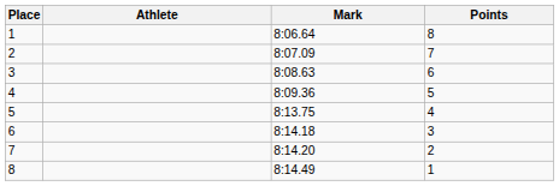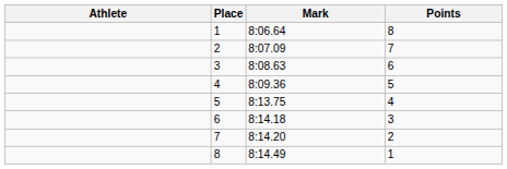 <table class=wikitable>
 <tr>
+<th style="width:18em">Athlete</th>
 <th>Place</th>
-<th style="width:18em">Athlete</th>
 <th style="width:12em">Mark</th>
 <th style="width:10em">Points</th>
 </tr>
 <tr>
+<td></td>
 <td>1</td>
-<td></td>
 <td>8:06.64</td>
 <td>8</td>
 </tr>
 <tr>
+<td></td>
 <td>2</td>
-<td></td>
 <td>8:07.09</td>
 <td>7</td>
 </tr>
 <tr>
+<td></td>
 <td>3</td>
-<td></td>
 <td>8:08.63</td>
 <td>6</td>
 </tr>
 <tr>
+<td></td>
 <td>4</td>
-<td></td>
 <td>8:09.36</td>
 <td>5</td>
 </tr>
 <tr>
+<td></td>
 <td>5</td>
-<td></td>
 <td>8:13.75</td>
 <td>4</td>
 </tr>
 <tr>
+<td></td>
 <td>6</td>
-<td></td>
 <td>8:14.18</td>
 <td>3</td>
 </tr>
 <tr>
+<td></td>
 <td>7</td>
-<td></td>
 <td>8:14.20</td>
 <td>2</td>
 </tr>
 <tr>
+<td></td>
 <td>8</td>
-<td></td>
 <td>8:14.49 </td>
 <td>1</td>
 </tr>
 </table>
